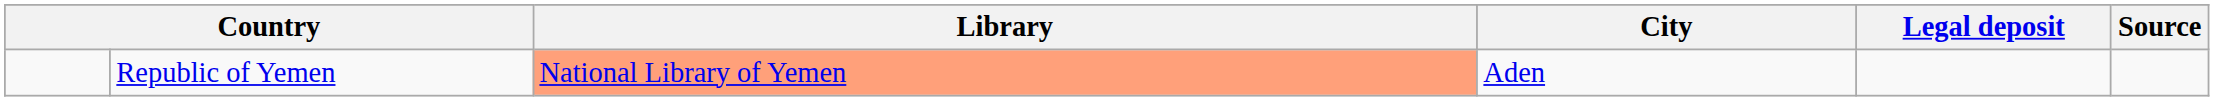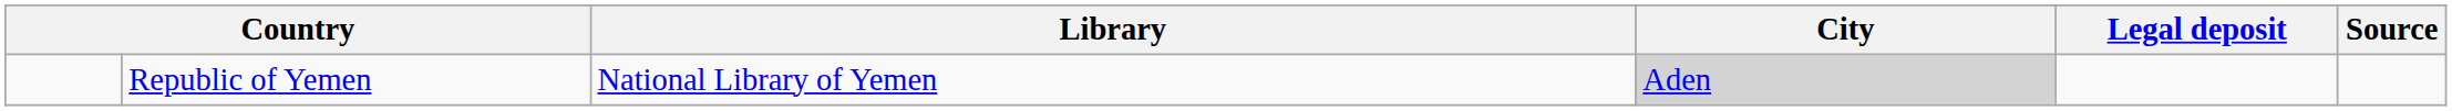 <table class="wikitable" style="width:98%">
 <tr>
 <th colspan=2 style="width:25%">Country</th>
 <th style="width:45%">Library</th>
 <th style="width:18%">City</th>
 <th style="width:12%"><a href='#'>Legal deposit</a></th>
 <th style="width:12%">Source</th>
 </tr>
 <tr>
 <td style="width:5%"></td>
 <td><a href='#'>Republic of Yemen</a></td>
-<td style="background: lightsalmon;"><a href='#'>National Library of Yemen</a></td>
-<td><a href='#'>Aden</a></td>
+<td><a href='#'>National Library of Yemen</a></td>
+<td style="background: lightgrey;"><a href='#'>Aden</a></td>
 <td></td>
 <td></td>
 </tr>
 </table>
